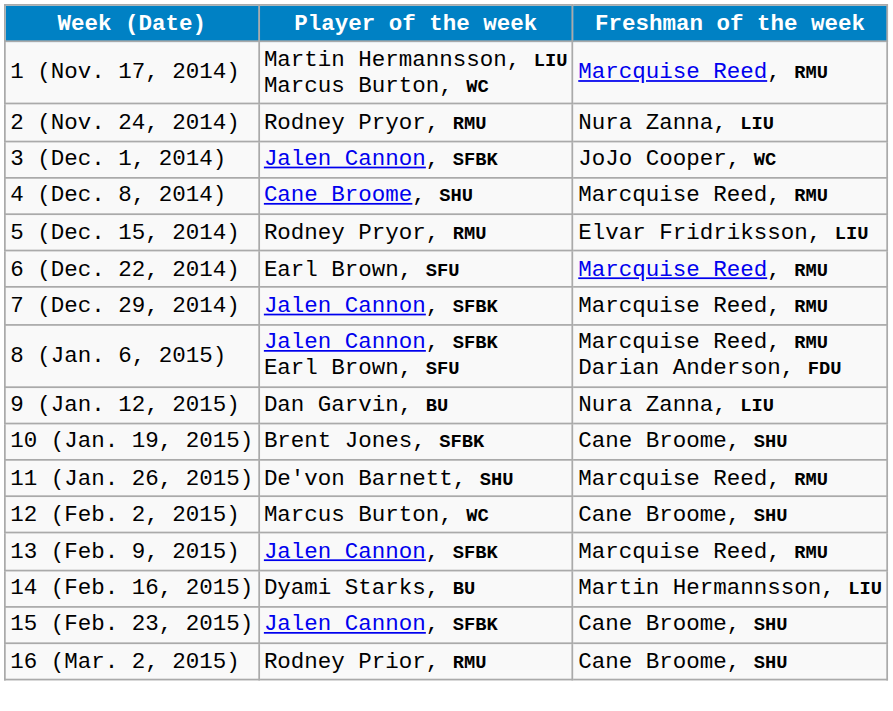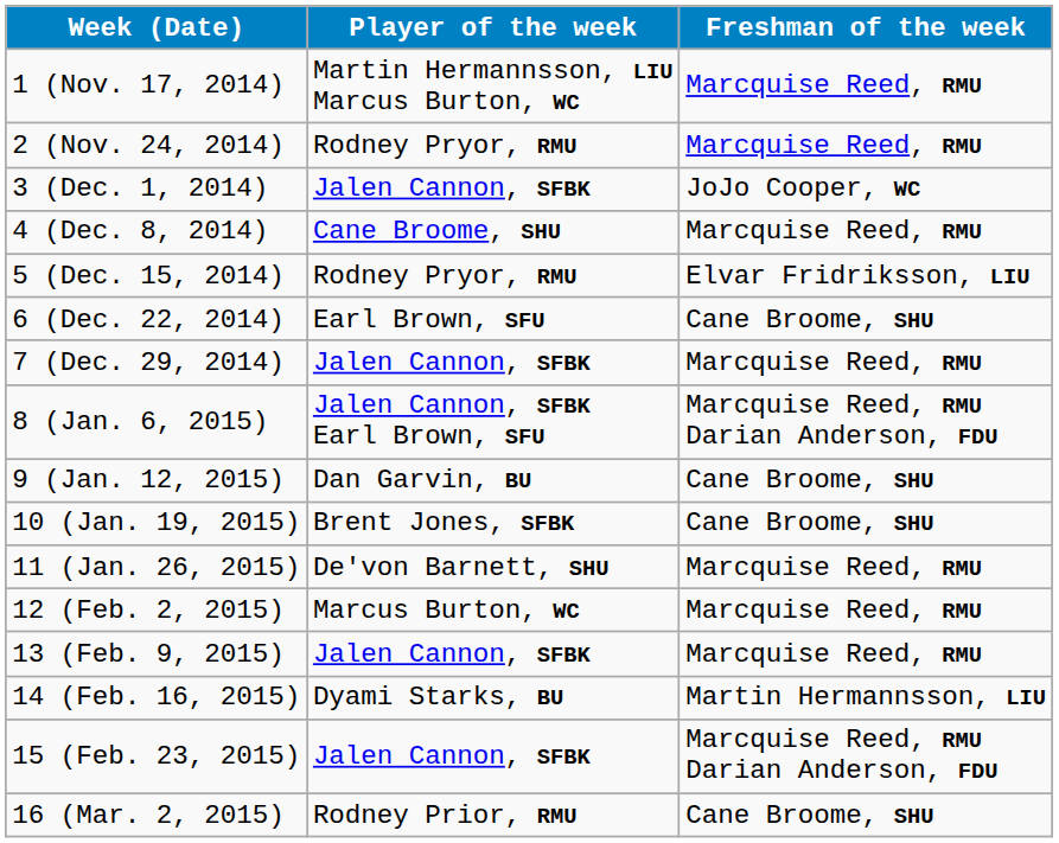 <table class="wikitable" border="1">
 <tr>
 <th align="center" style="background:#0081C4; color:#FFFFFF;">Week (Date)</th>
 <th align="center" style="background:#0081C4; color:#FFFFFF;">Player of the week</th>
 <th align="center" style="background:#0081C4; color:#FFFFFF;">Freshman of the week</th>
 </tr>
 <tr>
 <td>1 (Nov. 17, 2014)</td>
 <td>Martin Hermannsson, <small><strong>LIU</strong></small> <br> Marcus Burton, <small><strong>WC</strong></small></td>
 <td><a href='#'>Marcquise Reed</a>, <small><strong>RMU</strong></small></td>
 </tr>
 <tr>
 <td>2 (Nov. 24, 2014)</td>
 <td>Rodney Pryor, <small><strong>RMU</strong></small></td>
-<td>Nura Zanna, <small><strong>LIU</strong></small></td>
+<td><a href='#'>Marcquise Reed</a>, <small><strong>RMU</strong></small></td>
 </tr>
 <tr>
 <td>3 (Dec. 1, 2014)</td>
 <td><a href='#'>Jalen Cannon</a>, <small><strong>SFBK</strong></small></td>
 <td>JoJo Cooper, <small><strong>WC</strong></small></td>
 </tr>
 <tr>
 <td>4 (Dec. 8, 2014)</td>
 <td><a href='#'>Cane Broome</a>, <small><strong>SHU</strong></small></td>
 <td>Marcquise Reed, <small><strong>RMU</strong></small></td>
 </tr>
 <tr>
 <td>5 (Dec. 15, 2014)</td>
 <td>Rodney Pryor, <small><strong>RMU</strong></small></td>
 <td>Elvar Fridriksson, <small><strong>LIU</strong></small></td>
 </tr>
 <tr>
 <td>6 (Dec. 22, 2014)</td>
 <td>Earl Brown, <small><strong>SFU</strong></small></td>
-<td><a href='#'>Marcquise Reed</a>, <small><strong>RMU</strong></small></td>
+<td>Cane Broome, <small><strong>SHU</strong></small></td>
 </tr>
 <tr>
 <td>7 (Dec. 29, 2014)</td>
 <td><a href='#'>Jalen Cannon</a>, <small><strong>SFBK</strong></small></td>
 <td>Marcquise Reed, <small><strong>RMU</strong></small></td>
 </tr>
 <tr>
 <td>8 (Jan. 6, 2015)</td>
 <td><a href='#'>Jalen Cannon</a>, <small><strong>SFBK</strong></small> <br> Earl Brown,  <small><strong>SFU</strong></small></td>
 <td>Marcquise Reed, <small><strong>RMU</strong></small> <br> Darian Anderson, <small><strong>FDU</strong></small></td>
 </tr>
 <tr>
 <td>9 (Jan. 12, 2015)</td>
 <td>Dan Garvin, <small><strong>BU</strong></small></td>
-<td>Nura Zanna, <small><strong>LIU</strong></small></td>
+<td>Cane Broome, <small><strong>SHU</strong></small></td>
 </tr>
 <tr>
 <td>10 (Jan. 19, 2015)</td>
 <td>Brent Jones, <small><strong>SFBK</strong></small></td>
 <td>Cane Broome, <small><strong>SHU</strong></small></td>
 </tr>
 <tr>
 <td>11 (Jan. 26, 2015)</td>
 <td>De'von Barnett, <small><strong>SHU</strong></small></td>
 <td>Marcquise Reed, <small><strong>RMU</strong></small></td>
 </tr>
 <tr>
 <td>12 (Feb. 2, 2015)</td>
 <td>Marcus Burton, <small><strong>WC</strong></small></td>
-<td>Cane Broome, <small><strong>SHU</strong></small></td>
+<td>Marcquise Reed, <small><strong>RMU</strong></small></td>
 </tr>
 <tr>
 <td>13 (Feb. 9, 2015)</td>
 <td><a href='#'>Jalen Cannon</a>, <small><strong>SFBK</strong></small></td>
 <td>Marcquise Reed, <small><strong>RMU</strong></small></td>
 </tr>
 <tr>
 <td>14 (Feb. 16, 2015)</td>
 <td>Dyami Starks, <small><strong>BU</strong></small></td>
 <td>Martin Hermannsson, <small><strong>LIU</strong></small></td>
 </tr>
 <tr>
 <td>15 (Feb. 23, 2015)</td>
 <td><a href='#'>Jalen Cannon</a>, <small><strong>SFBK</strong></small></td>
-<td>Cane Broome, <small><strong>SHU</strong></small></td>
+<td>Marcquise Reed, <small><strong>RMU</strong></small> <br> Darian Anderson, <small><strong>FDU</strong></small></td>
 </tr>
 <tr>
 <td>16 (Mar. 2, 2015)</td>
 <td>Rodney Prior, <small><strong>RMU</strong></small></td>
 <td>Cane Broome, <small><strong>SHU</strong></small></td>
 </tr>
 </table>
